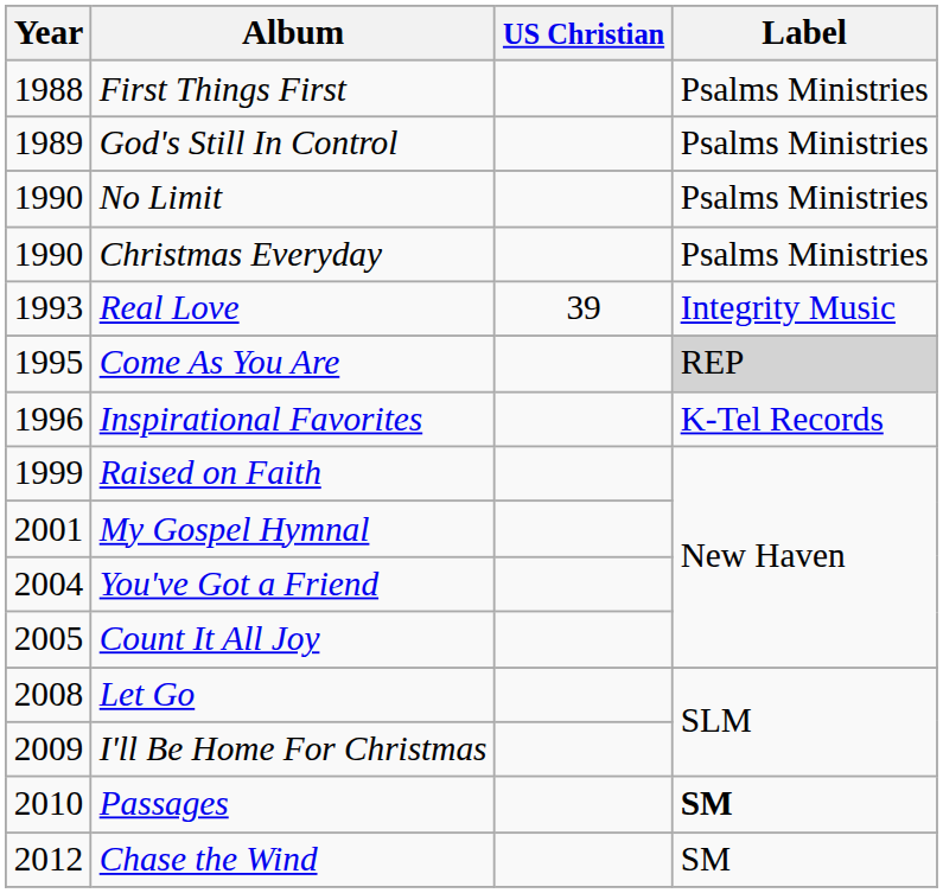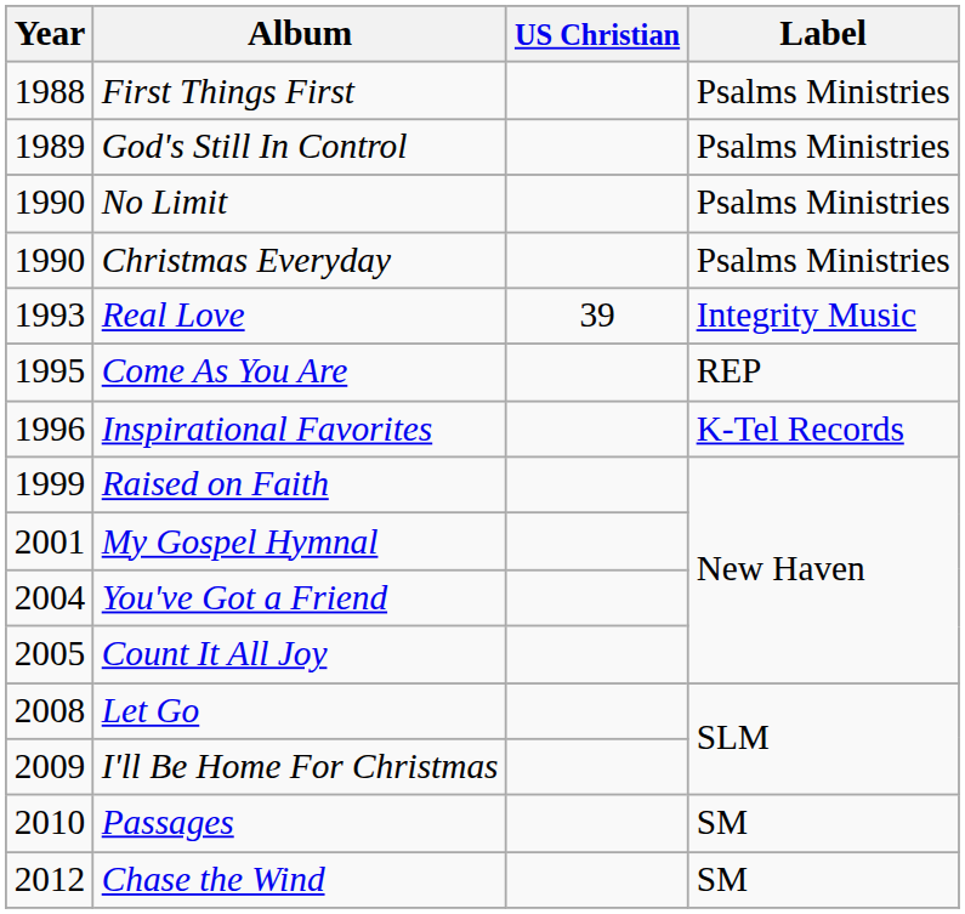 <table class="wikitable">
 <tr>
 <th>Year</th>
 <th>Album</th>
 <th><small><a href='#'>US Christian</a></small></th>
 <th>Label</th>
 </tr>
 <tr>
 <td>1988</td>
 <td><em>First Things First</em></td>
 <td></td>
 <td>Psalms Ministries</td>
 </tr>
 <tr>
 <td>1989</td>
 <td><em>God's Still In Control</em></td>
 <td></td>
 <td>Psalms Ministries</td>
 </tr>
 <tr>
 <td>1990</td>
 <td><em>No Limit</em></td>
 <td></td>
 <td>Psalms Ministries</td>
 </tr>
 <tr>
 <td>1990</td>
 <td><em>Christmas Everyday</em></td>
 <td></td>
 <td>Psalms Ministries</td>
 </tr>
 <tr>
 <td>1993</td>
 <td><em><a href='#'>Real Love</a></em></td>
 <td align="center">39</td>
 <td><a href='#'>Integrity Music</a></td>
 </tr>
 <tr>
 <td>1995</td>
 <td><em><a href='#'>Come As You Are</a></em></td>
 <td></td>
-<td style="background: lightgrey;">REP</td>
+<td>REP</td>
 </tr>
 <tr>
 <td>1996</td>
 <td><em><a href='#'>Inspirational Favorites</a></em></td>
 <td></td>
 <td><a href='#'>K-Tel Records</a></td>
 </tr>
 <tr>
 <td>1999</td>
 <td><em><a href='#'>Raised on Faith</a></em></td>
 <td></td>
 <td rowspan="4">New Haven</td>
 </tr>
 <tr>
 <td>2001</td>
 <td><em><a href='#'>My Gospel Hymnal</a></em></td>
 <td></td>
 </tr>
 <tr>
 <td>2004</td>
 <td><em><a href='#'>You've Got a Friend</a></em></td>
 <td></td>
 </tr>
 <tr>
 <td>2005</td>
 <td><em><a href='#'>Count It All Joy</a></em></td>
 <td></td>
 </tr>
 <tr>
 <td>2008</td>
 <td><em><a href='#'>Let Go</a></em></td>
 <td></td>
 <td rowspan="2">SLM</td>
 </tr>
 <tr>
 <td>2009</td>
 <td><em>I'll Be Home For Christmas</em></td>
 <td></td>
 </tr>
 <tr>
 <td>2010</td>
 <td><em><a href='#'>Passages</a></em></td>
 <td></td>
-<td><strong>SM</strong></td>
+<td>SM</td>
 </tr>
 <tr>
 <td>2012</td>
 <td><em><a href='#'>Chase the Wind</a></em></td>
 <td></td>
 <td>SM</td>
 </tr>
 </table>
